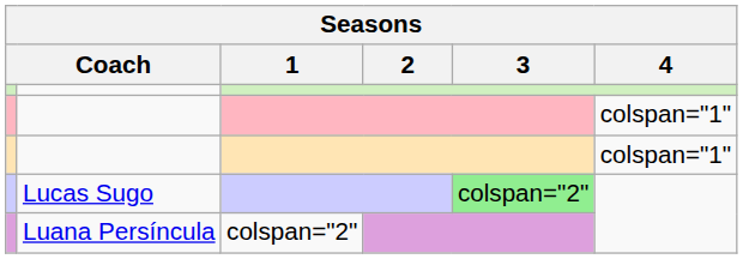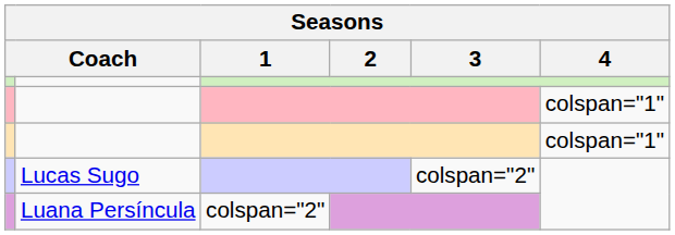 <table class="wikitable">
 <tr>
 <th colspan="14">Seasons</th>
 </tr>
 <tr>
 <th colspan="2">Coach</th>
 <th width="50">1</th>
 <th width="50">2</th>
 <th width="50">3</th>
 <th width="50">4</th>
 </tr>
 <tr>
 <td style="background:#d0f0c0"></td>
 <td></td>
 <td colspan="4" bgcolor="#d0f0c0"></td>
 </tr>
 <tr>
 <td style="background:lightpink"></td>
 <td></td>
 <td colspan="3" bgcolor="lightpink"></td>
 <td>colspan="1" </td>
 </tr>
 <tr>
 <td style="background:#ffe5b4"></td>
 <td></td>
 <td colspan="3" bgcolor="#ffe5b4"></td>
 <td>colspan="1" </td>
 </tr>
 <tr>
 <td style="background:#ccccff"></td>
 <td><a href='#'>Lucas Sugo</a></td>
 <td colspan="2" bgcolor="#ccccff"></td>
-<td style="background: lightgreen;">colspan="2" </td>
+<td>colspan="2" </td>
 </tr>
 <tr>
 <td style="background:#dda0dd"></td>
 <td><a href='#'>Luana Persíncula</a></td>
 <td>colspan="2" </td>
 <td colspan="2" style="background:#dda0dd"></td>
 </tr>
 </table>
